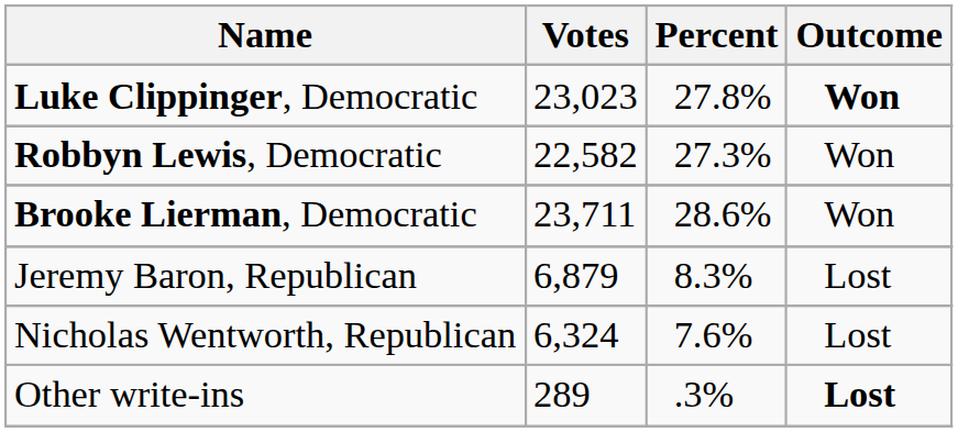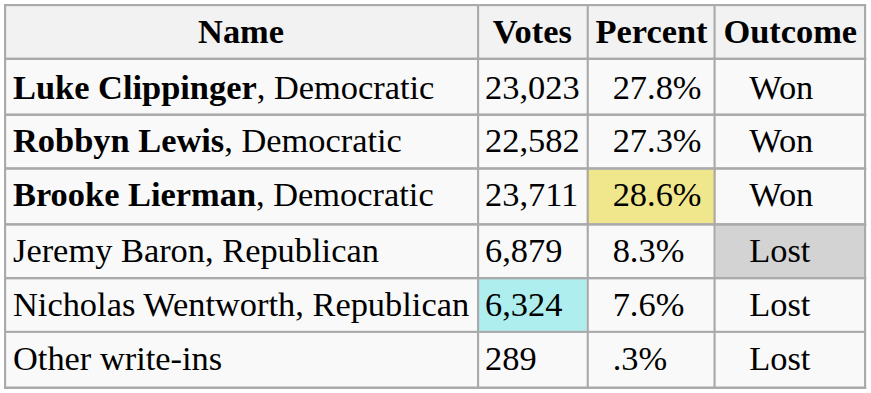 <table class="wikitable">
 <tr>
 <th>Name</th>
 <th>Votes</th>
 <th>Percent</th>
 <th>Outcome</th>
 </tr>
 <tr>
 </tr>
 <tr>
 <td><strong>Luke Clippinger</strong>, Democratic</td>
 <td>23,023</td>
 <td>  27.8%</td>
-<td><strong>   Won</strong></td>
+<td>   Won</td>
 </tr>
 <tr>
 </tr>
 <tr>
 <td><strong>Robbyn Lewis</strong>, Democratic</td>
 <td>22,582</td>
 <td>  27.3%</td>
 <td>   Won</td>
 </tr>
 <tr>
 </tr>
 <tr>
 <td><strong>Brooke Lierman</strong>, Democratic</td>
 <td>23,711</td>
-<td>  28.6%</td>
+<td style="background: khaki;">  28.6%</td>
 <td>   Won</td>
 </tr>
 <tr>
 </tr>
 <tr>
 <td>Jeremy Baron, Republican</td>
 <td>6,879</td>
 <td>  8.3%</td>
-<td>   Lost</td>
+<td style="background: lightgrey;">   Lost</td>
 </tr>
 <tr>
 </tr>
 <tr>
 <td>Nicholas Wentworth, Republican</td>
-<td>6,324</td>
+<td style="background: paleturquoise;">6,324</td>
 <td>  7.6%</td>
 <td>   Lost</td>
 </tr>
 <tr>
 <td>Other write-ins</td>
 <td>289</td>
 <td>  .3%</td>
-<td><strong>   Lost</strong></td>
+<td>   Lost</td>
 </tr>
 <tr>
 </tr>
 </table>
